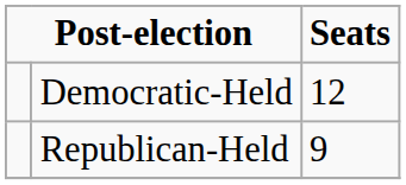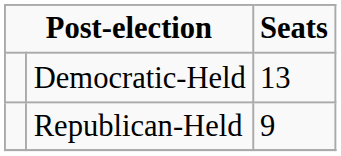 <table class= "wikitable">
 <tr>
 <td colspan= "2" rowspan= "1" align= "center" valign= "top"><strong>Post-election</strong></td>
 <td valign= "top"><strong>Seats</strong><br></td>
 </tr>
 <tr>
 <td style="background-color:"> </td>
 <td>Democratic-Held</td>
-<td>12</td>
+<td>13</td>
 </tr>
 <tr>
 <td style="background-color:"> </td>
 <td>Republican-Held</td>
 <td>9</td>
 </tr>
 <tr>
 </tr>
 </table>
